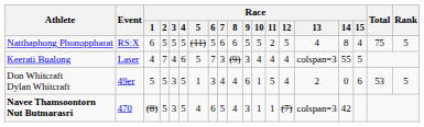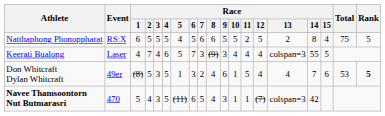 <table class=wikitable style=font-size:90%;text-align:center>
 <tr>
 <th rowspan="2">Athlete</th>
 <th rowspan="2">Event</th>
 <th colspan=15>Race</th>
 <th rowspan=2>Total</th>
 <th rowspan=2>Rank</th>
 </tr>
 <tr style="font-size:95%">
 <th>1</th>
 <th>2</th>
 <th>3</th>
 <th>4</th>
 <th>5</th>
 <th>6</th>
 <th>7</th>
 <th>8</th>
 <th>9</th>
 <th>10</th>
 <th>11</th>
 <th>12</th>
 <th>13</th>
 <th>14</th>
 <th>15</th>
 </tr>
 <tr>
 <td align=left><a href='#'>Natthaphong Phonoppharat</a></td>
 <td align=left><a href='#'>RS:X</a></td>
 <td>6</td>
 <td>5</td>
 <td>5</td>
 <td>5</td>
-<td><s>(11)</s><br></td>
+<td>4</td>
 <td>5</td>
 <td>6</td>
 <td>6</td>
 <td>5</td>
 <td>5</td>
 <td>2</td>
 <td>5</td>
-<td>4</td>
+<td>2</td>
 <td>8</td>
 <td>4</td>
 <td>75</td>
 <td>5</td>
 </tr>
 <tr>
 <td align=left><a href='#'>Keerati Bualong</a></td>
 <td align=left><a href='#'>Laser</a></td>
 <td>4</td>
 <td>7</td>
 <td>4</td>
 <td>6</td>
 <td>5</td>
 <td>7</td>
 <td>3</td>
 <td><s>(9)</s></td>
 <td>3</td>
 <td>4</td>
 <td>4</td>
 <td>4</td>
 <td>colspan=3 </td>
 <td>55</td>
 <td>5</td>
 </tr>
 <tr>
 <td align=left>Don Whitcraft<br>Dylan Whitcraft</td>
 <td align=left><a href='#'>49er</a></td>
-<td>5</td>
+<td><s>(8)</s></td>
 <td>5</td>
 <td>3</td>
 <td>5</td>
 <td>1</td>
 <td>3</td>
-<td>4</td>
+<td>2</td>
 <td>4</td>
 <td>6</td>
 <td>1</td>
 <td>5</td>
 <td>4</td>
-<td>2</td>
-<td>0</td>
+<td>4</td>
+<td>7</td>
 <td>6</td>
 <td>53</td>
-<td>5</td>
+<td><strong>5</strong></td>
 </tr>
 <tr>
 <td align=left><strong>Navee Thamsoontorn<br>Nut Butmarasri</strong></td>
 <td align=left><a href='#'>470</a></td>
-<td><s>(8)</s></td>
 <td>5</td>
+<td>4</td>
 <td>3</td>
 <td>5</td>
-<td>4</td>
+<td><s>(11)</s><br></td>
 <td>6</td>
 <td>5</td>
 <td>4</td>
 <td>3</td>
 <td>1</td>
 <td>1</td>
 <td><s>(7)</s></td>
 <td>colspan=3 </td>
 <td>42</td>
 <td></td>
 </tr>
 </table>
